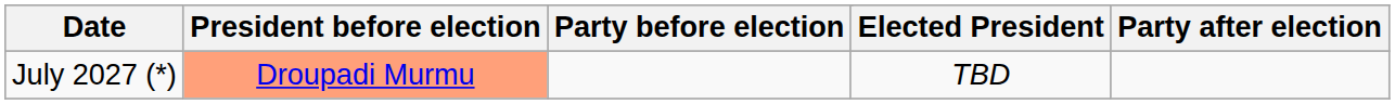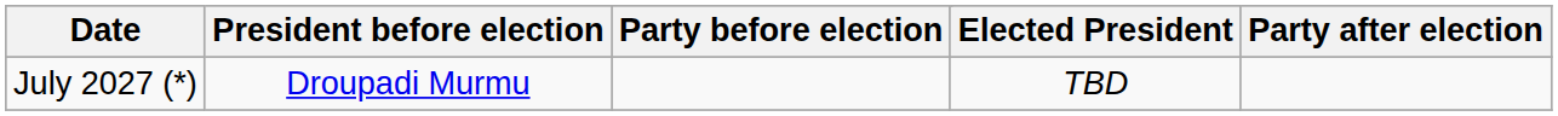 <table class="wikitable sortable" style="text-align:center;">
 <tr>
 <th>Date</th>
 <th>President before election</th>
 <th colspan="2">Party before election</th>
 <th>Elected President</th>
 <th colspan="2">Party after election</th>
 </tr>
 <tr>
 <td>July 2027 (*)</td>
-<td style="background: lightsalmon;"><a href='#'>Droupadi Murmu</a></td>
+<td><a href='#'>Droupadi Murmu</a></td>
 <td></td>
 <td colspan="2"><em>TBD</em></td>
 </tr>
 </table>
